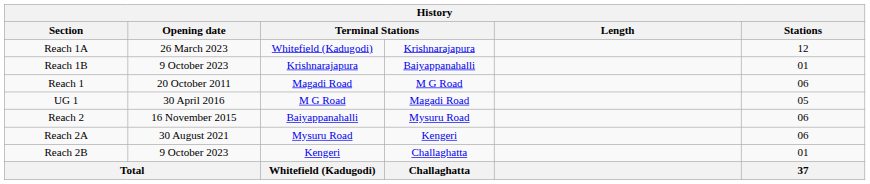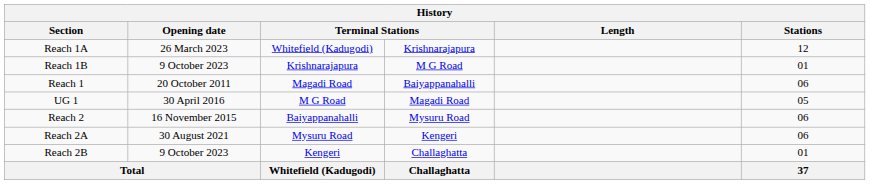 <table class="wikitable" style="text-align: center;">
 <tr>
 <th colspan="6" style="background:#"><span><strong>History</strong></span></th>
 </tr>
 <tr>
 <th width="5%">Section</th>
 <th width="5%">Opening date</th>
 <th width="5%"  colspan="2">Terminal Stations</th>
 <th width="10%">Length</th>
 <th width="5%">Stations</th>
 </tr>
 <tr>
 <td>Reach 1A</td>
 <td>26 March 2023</td>
 <td><a href='#'>Whitefield (Kadugodi)</a></td>
 <td><a href='#'>Krishnarajapura</a></td>
 <td> </td>
 <td>12</td>
 </tr>
 <tr>
 <td>Reach 1B</td>
 <td>9 October 2023</td>
 <td><a href='#'>Krishnarajapura</a></td>
-<td><a href='#'>Baiyappanahalli</a></td>
+<td><a href='#'>M G Road</a></td>
 <td></td>
 <td>01</td>
 </tr>
 <tr>
 <td>Reach 1</td>
 <td>20 October 2011</td>
 <td><a href='#'>Magadi Road</a></td>
-<td><a href='#'>M G Road</a></td>
+<td><a href='#'>Baiyappanahalli</a></td>
 <td></td>
 <td>06</td>
 </tr>
 <tr>
 <td>UG 1</td>
 <td>30 April 2016</td>
 <td><a href='#'>M G Road</a></td>
 <td><a href='#'>Magadi Road</a></td>
 <td></td>
 <td>05</td>
 </tr>
 <tr>
 <td>Reach 2</td>
 <td>16 November 2015</td>
 <td><a href='#'>Baiyappanahalli</a></td>
 <td><a href='#'>Mysuru Road</a></td>
 <td></td>
 <td>06</td>
 </tr>
 <tr>
 <td>Reach 2A</td>
 <td>30 August 2021</td>
 <td><a href='#'>Mysuru Road</a></td>
 <td><a href='#'>Kengeri</a></td>
 <td></td>
 <td>06</td>
 </tr>
 <tr>
 <td>Reach 2B</td>
 <td>9 October 2023</td>
 <td><a href='#'>Kengeri</a></td>
 <td><a href='#'>Challaghatta</a></td>
 <td></td>
 <td>01</td>
 </tr>
 <tr>
 <th colspan="2">Total</th>
 <th>Whitefield (Kadugodi)</th>
 <th>Challaghatta</th>
 <th></th>
 <th>37</th>
 </tr>
 </table>
